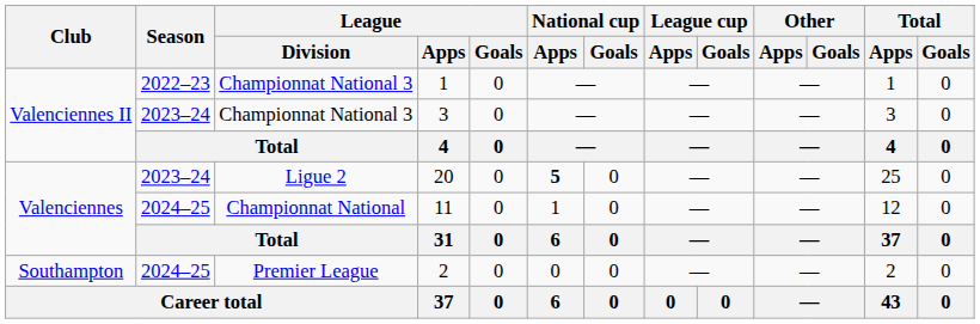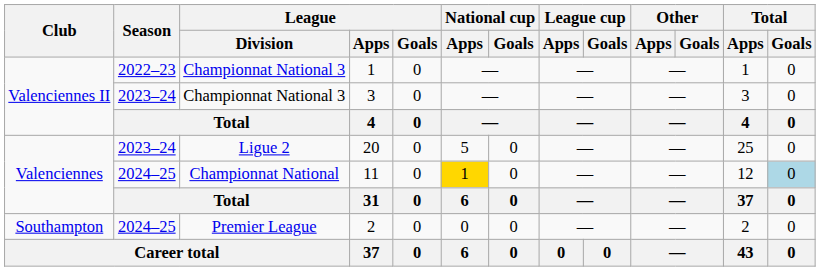 <table class="wikitable" style="text-align:center">
 <tr>
 <th rowspan="2">Club</th>
 <th rowspan="2">Season</th>
 <th colspan="3">League</th>
 <th colspan="2">National cup</th>
 <th colspan="2">League cup</th>
 <th colspan="2">Other</th>
 <th colspan="2">Total</th>
 </tr>
 <tr>
 <th>Division</th>
 <th>Apps</th>
 <th>Goals</th>
 <th>Apps</th>
 <th>Goals</th>
 <th>Apps</th>
 <th>Goals</th>
 <th>Apps</th>
 <th>Goals</th>
 <th>Apps</th>
 <th>Goals</th>
 </tr>
 <tr>
 <td rowspan="3"><a href='#'>Valenciennes II</a></td>
 <td><a href='#'>2022–23</a></td>
 <td><a href='#'>Championnat National 3</a></td>
 <td>1</td>
 <td>0</td>
 <td colspan="2">—</td>
 <td colspan="2">—</td>
 <td colspan="2">—</td>
 <td>1</td>
 <td>0</td>
 </tr>
 <tr>
 <td><a href='#'>2023–24</a></td>
 <td>Championnat National 3</td>
 <td>3</td>
 <td>0</td>
 <td colspan="2">—</td>
 <td colspan="2">—</td>
 <td colspan="2">—</td>
 <td>3</td>
 <td>0</td>
 </tr>
 <tr>
 <th colspan="2">Total</th>
 <th>4</th>
 <th>0</th>
 <th colspan="2">—</th>
 <th colspan="2">—</th>
 <th colspan="2">—</th>
 <th>4</th>
 <th>0</th>
 </tr>
 <tr>
 <td rowspan="3"><a href='#'>Valenciennes</a></td>
 <td><a href='#'>2023–24</a></td>
 <td><a href='#'>Ligue 2</a></td>
 <td>20</td>
 <td>0</td>
-<td><strong>5</strong></td>
+<td>5</td>
 <td>0</td>
 <td colspan="2">—</td>
 <td colspan="2">—</td>
 <td>25</td>
 <td>0</td>
 </tr>
 <tr>
 <td><a href='#'>2024–25</a></td>
 <td><a href='#'>Championnat National</a></td>
 <td>11</td>
 <td>0</td>
-<td>1</td>
+<td style="background: gold;">1</td>
 <td>0</td>
 <td colspan="2">—</td>
 <td colspan="2">—</td>
 <td>12</td>
-<td>0</td>
+<td style="background: lightblue;">0</td>
 </tr>
 <tr>
 <th colspan="2">Total</th>
 <th>31</th>
 <th>0</th>
 <th>6</th>
 <th>0</th>
 <th colspan="2">—</th>
 <th colspan="2">—</th>
 <th>37</th>
 <th>0</th>
 </tr>
 <tr>
 <td><a href='#'>Southampton</a></td>
 <td><a href='#'>2024–25</a></td>
 <td><a href='#'>Premier League</a></td>
 <td>2</td>
 <td>0</td>
 <td>0</td>
 <td>0</td>
 <td colspan="2">—</td>
 <td colspan="2">—</td>
 <td>2</td>
 <td>0</td>
 </tr>
 <tr>
 <th colspan="3">Career total</th>
 <th>37</th>
 <th>0</th>
 <th>6</th>
 <th>0</th>
 <th>0</th>
 <th>0</th>
 <th colspan="2">—</th>
 <th>43</th>
 <th>0</th>
 </tr>
 </table>
